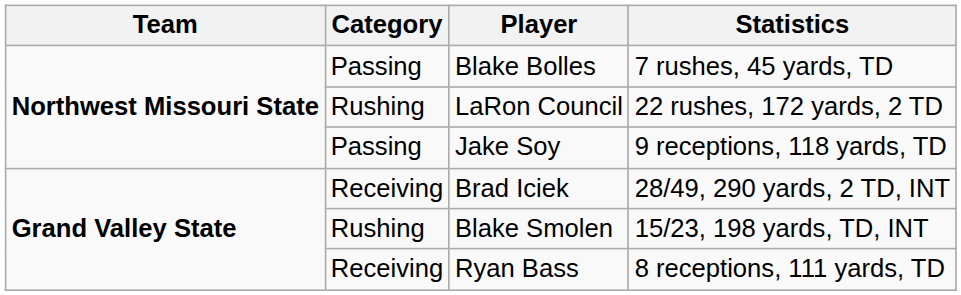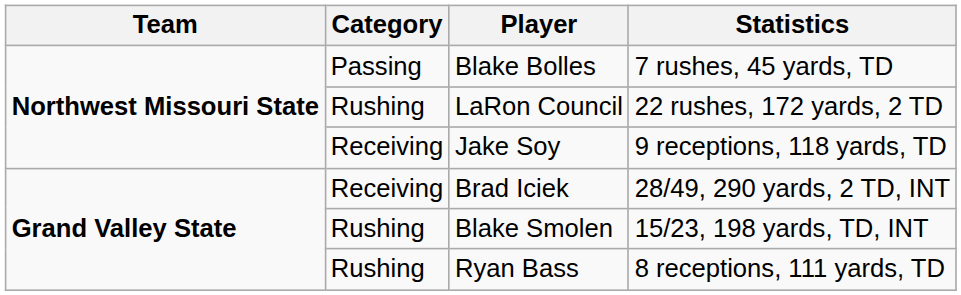 <table class="wikitable" style="float: right;">
 <tr>
 <th>Team</th>
 <th>Category</th>
 <th>Player</th>
 <th>Statistics</th>
 </tr>
 <tr>
 <td rowspan=3><strong>Northwest Missouri State</strong></td>
 <td>Passing</td>
 <td>Blake Bolles</td>
 <td>7 rushes, 45 yards, TD</td>
 </tr>
 <tr>
 <td>Rushing</td>
 <td>LaRon Council</td>
 <td>22 rushes, 172 yards, 2 TD</td>
 </tr>
 <tr>
-<td>Passing</td>
+<td>Receiving</td>
 <td>Jake Soy</td>
 <td>9 receptions, 118 yards, TD</td>
 </tr>
 <tr>
 <td rowspan=3><strong>Grand Valley State</strong></td>
 <td>Receiving</td>
 <td>Brad Iciek</td>
 <td>28/49, 290 yards, 2 TD, INT</td>
 </tr>
 <tr>
 <td>Rushing</td>
 <td>Blake Smolen</td>
 <td>15/23, 198 yards, TD, INT</td>
 </tr>
 <tr>
-<td>Receiving</td>
+<td>Rushing</td>
 <td>Ryan Bass</td>
 <td>8 receptions, 111 yards, TD</td>
 </tr>
 </table>
